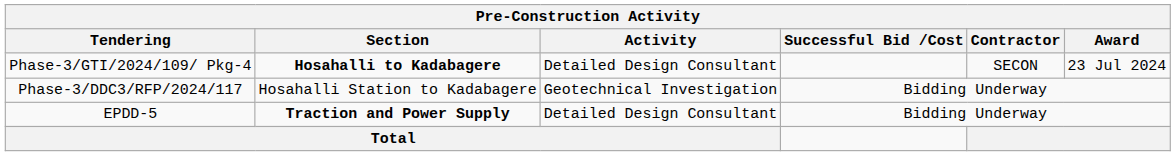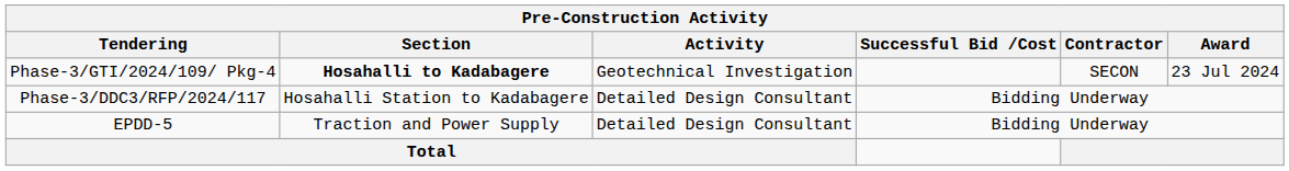 <table class="wikitable" style="text-align:center;margin:auto;">
 <tr>
 <th colspan="6" align="center" style="background:#"><span><strong>Pre-Construction Activity</strong></span></th>
 </tr>
 <tr>
 <th>Tendering</th>
 <th>Section</th>
 <th>Activity</th>
 <th>Successful Bid /Cost</th>
 <th>Contractor</th>
 <th>Award</th>
 </tr>
 <tr>
 <td>Phase-3/GTI/2024/109/ Pkg-4</td>
 <td><strong>Hosahalli to Kadabagere</strong></td>
-<td>Detailed Design Consultant</td>
+<td>Geotechnical Investigation</td>
 <td></td>
 <td>SECON</td>
 <td>23 Jul 2024</td>
 </tr>
 <tr>
 <td>Phase-3/DDC3/RFP/2024/117</td>
 <td>Hosahalli Station to Kadabagere</td>
-<td>Geotechnical Investigation</td>
+<td>Detailed Design Consultant</td>
 <td colspan="3">Bidding Underway</td>
 </tr>
 <tr>
 <td>EPDD-5</td>
-<td><strong>Traction and Power Supply</strong></td>
+<td>Traction and Power Supply</td>
 <td>Detailed Design Consultant</td>
 <td colspan="3">Bidding Underway</td>
 </tr>
 <tr>
 <th colspan="3">Total</th>
 <td></td>
 <th colspan="2"></th>
 </tr>
 </table>
